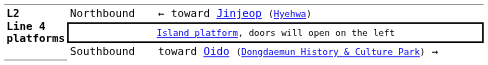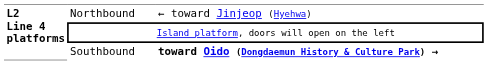 <table table border=0 cellspacing=0 cellpadding=3>
 <tr>
 <td style="border-top:solid 1px gray;border-bottom:solid 1px gray;" width=50 rowspan=10 valign=top><strong>L2<br>Line 4 platforms</strong></td>
 <td style="border-bottom:solid 0px gray;border-top:solid 1px gray;" width=100>Northbound</td>
 <td style="border-bottom:solid 0px gray;border-top:solid 1px gray;" width=390>←  toward <a href='#'>Jinjeop</a> <small>(<a href='#'>Hyehwa</a>)</small></td>
 </tr>
 <tr>
 <td style="border-top:solid 2px black;border-right:solid 2px black;border-left:solid 2px black;border-bottom:solid 2px black;text-align:center;" colspan=2><small><a href='#'>Island platform</a>, doors will open on the left</small></td>
 </tr>
 <tr>
 <td>Southbound</td>
-<td>  toward <a href='#'>Oido</a> <small>(<a href='#'>Dongdaemun History & Culture Park</a>)</small> →</td>
+<td><strong>  toward <a href='#'>Oido</a> <small>(<a href='#'>Dongdaemun History & Culture Park</a>)</small> →</strong></td>
 </tr>
 </table>
